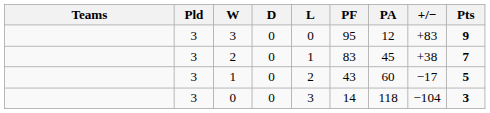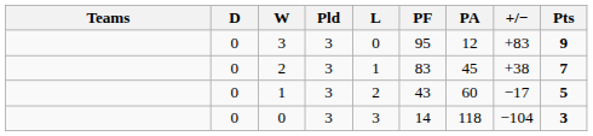 <table class="wikitable" style="text-align: center;">
 <tr>
 <th width="200">Teams</th>
+<th width="40">D</th>
+<th width="40">W</th>
 <th width="40">Pld</th>
-<th width="40">W</th>
-<th width="40">D</th>
 <th width="40">L</th>
 <th width="40">PF</th>
 <th width="40">PA</th>
 <th width="40">+/−</th>
 <th width="40">Pts</th>
 </tr>
 <tr>
 <td align=left></td>
+<td>0</td>
 <td>3</td>
 <td>3</td>
-<td>0</td>
 <td>0</td>
 <td>95</td>
 <td>12</td>
 <td>+83</td>
 <td><strong>9</strong></td>
 </tr>
 <tr>
 <td align=left></td>
+<td>0</td>
+<td>2</td>
 <td>3</td>
-<td>2</td>
-<td>0</td>
 <td>1</td>
 <td>83</td>
 <td>45</td>
 <td>+38</td>
 <td><strong>7</strong></td>
 </tr>
 <tr>
 <td align=left></td>
+<td>0</td>
+<td>1</td>
 <td>3</td>
-<td>1</td>
-<td>0</td>
 <td>2</td>
 <td>43</td>
 <td>60</td>
 <td>−17</td>
 <td><strong>5</strong></td>
 </tr>
 <tr>
 <td align=left></td>
-<td>3</td>
 <td>0</td>
 <td>0</td>
+<td>3</td>
 <td>3</td>
 <td>14</td>
 <td>118</td>
 <td>−104</td>
 <td><strong>3</strong></td>
 </tr>
 </table>
